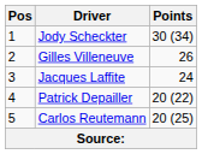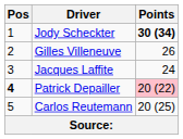 <table class="wikitable" style="font-size: 95%;">
 <tr>
 <th>Pos</th>
 <th>Driver</th>
 <th>Points</th>
 </tr>
 <tr>
 <td>1</td>
 <td> <a href='#'>Jody Scheckter</a></td>
-<td align="right">30 (34)</td>
+<td align="right"><strong>30 (34)</strong></td>
 </tr>
 <tr>
 <td>2</td>
 <td> <a href='#'>Gilles Villeneuve</a></td>
 <td align="right">26</td>
 </tr>
 <tr>
 <td>3</td>
 <td> <a href='#'>Jacques Laffite</a></td>
 <td align="right">24</td>
 </tr>
 <tr>
-<td>4</td>
+<td><strong>4</strong></td>
 <td> <a href='#'>Patrick Depailler</a></td>
-<td align="right">20 (22)</td>
+<td align="right" style="background: pink;">20 (22)</td>
 </tr>
 <tr>
 <td>5</td>
 <td> <a href='#'>Carlos Reutemann</a></td>
 <td align="right">20 (25)</td>
 </tr>
 <tr>
 <th colspan=4>Source: </th>
 </tr>
 </table>
